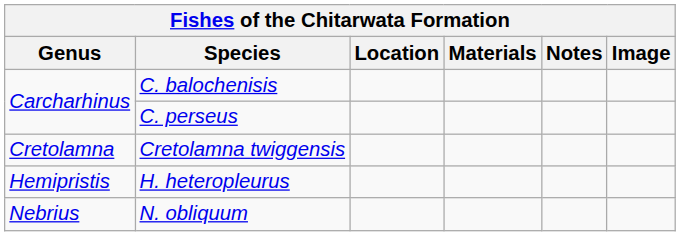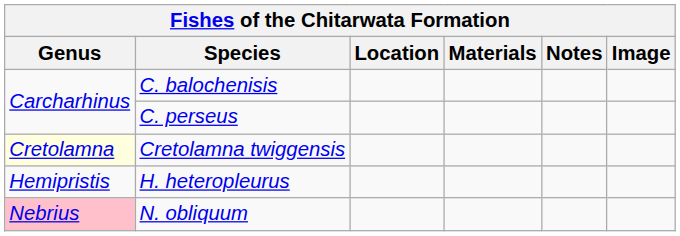 <table class="wikitable">
 <tr>
 <th colspan="7" align="center"><strong><a href='#'>Fishes</a> of the Chitarwata Formation</strong></th>
 </tr>
 <tr>
 <th>Genus</th>
 <th>Species</th>
 <th>Location</th>
 <th>Materials</th>
 <th>Notes</th>
 <th>Image</th>
 </tr>
 <tr>
 <td rowspan = "2"><em><a href='#'>Carcharhinus</a></em></td>
 <td><em><a href='#'>C. balochenisis</a></em></td>
 <td></td>
 <td></td>
 <td></td>
 <td></td>
 </tr>
 <tr>
 <td><em><a href='#'>C. perseus</a></em></td>
 <td></td>
 <td></td>
 <td></td>
 <td></td>
 </tr>
 <tr>
-<td><em><a href='#'>Cretolamna</a></em></td>
+<td style="background: lightyellow;"><em><a href='#'>Cretolamna</a></em></td>
 <td><em><a href='#'>Cretolamna twiggensis</a></em></td>
 <td></td>
 <td></td>
 <td></td>
 <td></td>
 </tr>
 <tr>
 <td><em><a href='#'>Hemipristis</a></em></td>
 <td><em><a href='#'>H. heteropleurus</a></em></td>
 <td></td>
 <td></td>
 <td></td>
 <td></td>
 </tr>
 <tr>
-<td><em><a href='#'>Nebrius</a></em></td>
+<td style="background: pink;"><em><a href='#'>Nebrius</a></em></td>
 <td><em><a href='#'>N. obliquum</a></em></td>
 <td></td>
 <td></td>
 <td></td>
 <td></td>
 </tr>
 </table>
